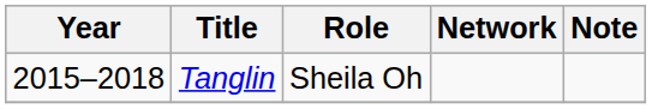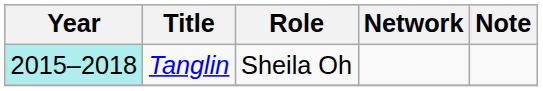 <table class="wikitable sortable">
 <tr>
 <th>Year</th>
 <th>Title</th>
 <th>Role</th>
 <th>Network</th>
 <th>Note</th>
 </tr>
 <tr>
-<td>2015–2018</td>
+<td style="background: paleturquoise;">2015–2018</td>
 <td><em><a href='#'>Tanglin</a></em></td>
 <td>Sheila Oh</td>
 <td></td>
 <td></td>
 </tr>
 <tr>
 </tr>
 </table>
